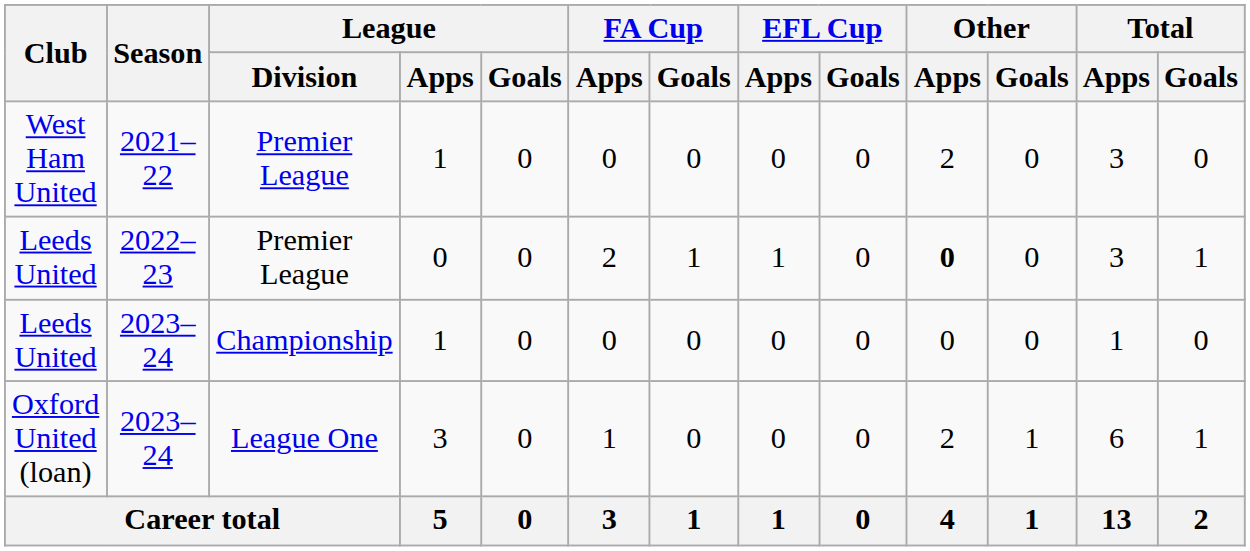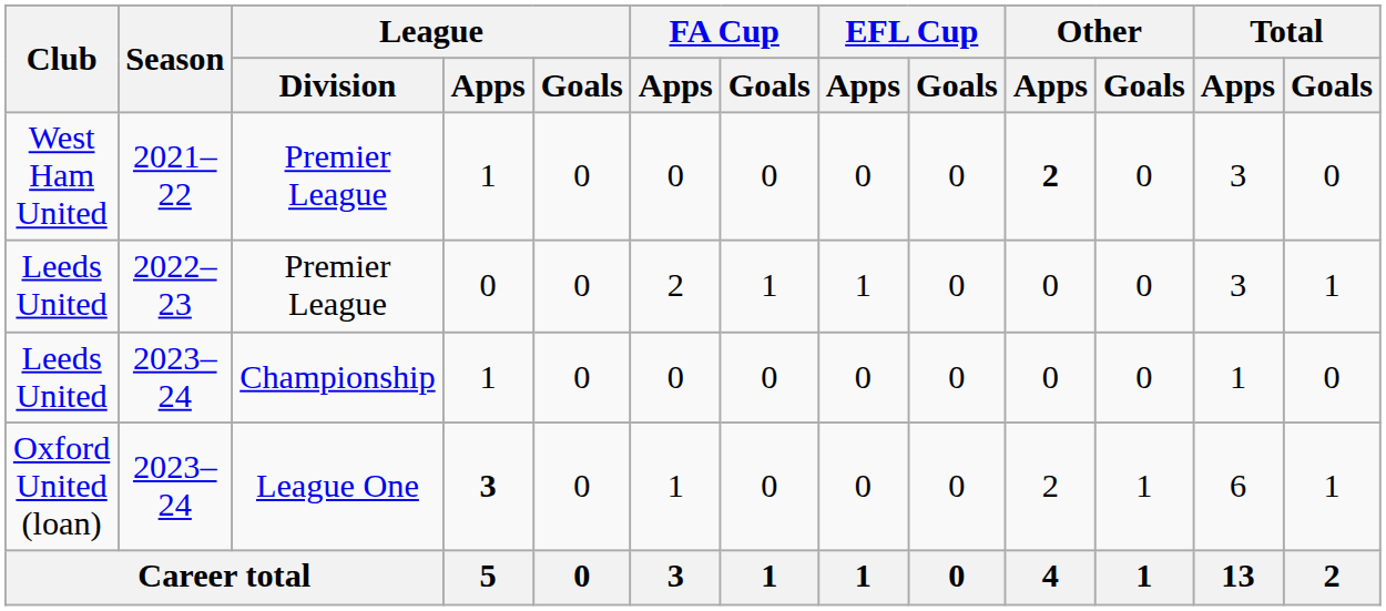 <table class=wikitable style=text-align:center>
 <tr>
 <th rowspan=2>Club</th>
 <th rowspan=2>Season</th>
 <th colspan=3>League</th>
 <th colspan=2><a href='#'>FA Cup</a></th>
 <th colspan=2><a href='#'>EFL Cup</a></th>
 <th colspan=2>Other</th>
 <th colspan=2>Total</th>
 </tr>
 <tr>
 <th>Division</th>
 <th>Apps</th>
 <th>Goals</th>
 <th>Apps</th>
 <th>Goals</th>
 <th>Apps</th>
 <th>Goals</th>
 <th>Apps</th>
 <th>Goals</th>
 <th>Apps</th>
 <th>Goals</th>
 </tr>
 <tr>
 <td rowspan=1><a href='#'>West Ham United</a></td>
 <td><a href='#'>2021–22</a></td>
 <td><a href='#'>Premier League</a></td>
 <td>1</td>
 <td>0</td>
 <td>0</td>
 <td>0</td>
 <td>0</td>
 <td>0</td>
-<td>2</td>
+<td><strong>2</strong></td>
 <td>0</td>
 <td>3</td>
 <td>0</td>
 </tr>
 <tr>
 <td><a href='#'>Leeds United</a></td>
 <td><a href='#'>2022–23</a></td>
 <td>Premier League</td>
 <td>0</td>
 <td>0</td>
 <td>2</td>
 <td>1</td>
 <td>1</td>
 <td>0</td>
-<td><strong>0</strong></td>
+<td>0</td>
 <td>0</td>
 <td>3</td>
 <td>1</td>
 </tr>
 <tr>
 <td><a href='#'>Leeds United</a></td>
 <td><a href='#'>2023–24</a></td>
 <td><a href='#'>Championship</a></td>
 <td>1</td>
 <td>0</td>
 <td>0</td>
 <td>0</td>
 <td>0</td>
 <td>0</td>
 <td>0</td>
 <td>0</td>
 <td>1</td>
 <td>0</td>
 </tr>
 <tr>
 <td><a href='#'>Oxford United</a> (loan)</td>
 <td><a href='#'>2023–24</a></td>
 <td><a href='#'>League One</a></td>
-<td>3</td>
+<td><strong>3</strong></td>
 <td>0</td>
 <td>1</td>
 <td>0</td>
 <td>0</td>
 <td>0</td>
 <td>2</td>
 <td>1</td>
 <td>6</td>
 <td>1</td>
 </tr>
 <tr>
 <th colspan=3>Career total</th>
 <th>5</th>
 <th>0</th>
 <th>3</th>
 <th>1</th>
 <th>1</th>
 <th>0</th>
 <th>4</th>
 <th>1</th>
 <th>13</th>
 <th>2</th>
 </tr>
 </table>
